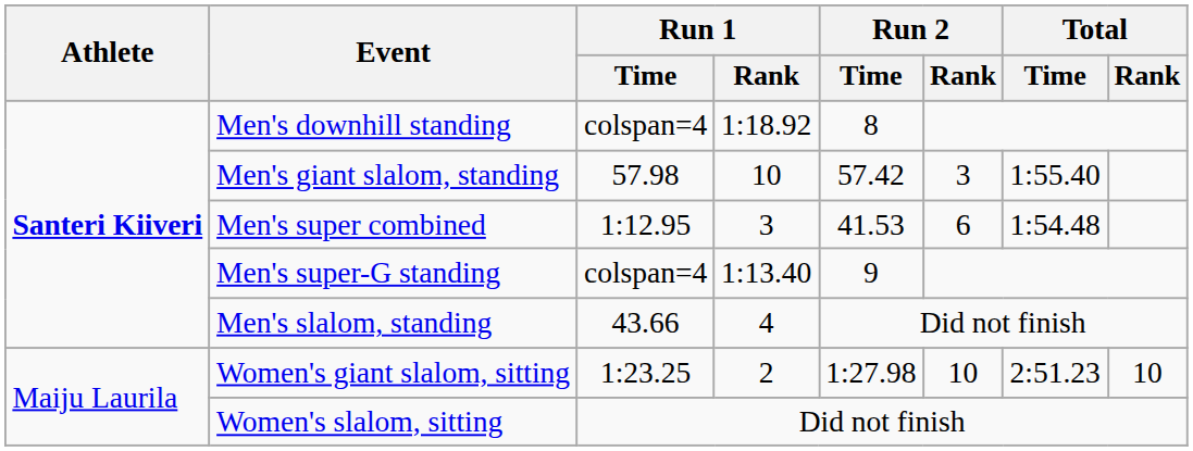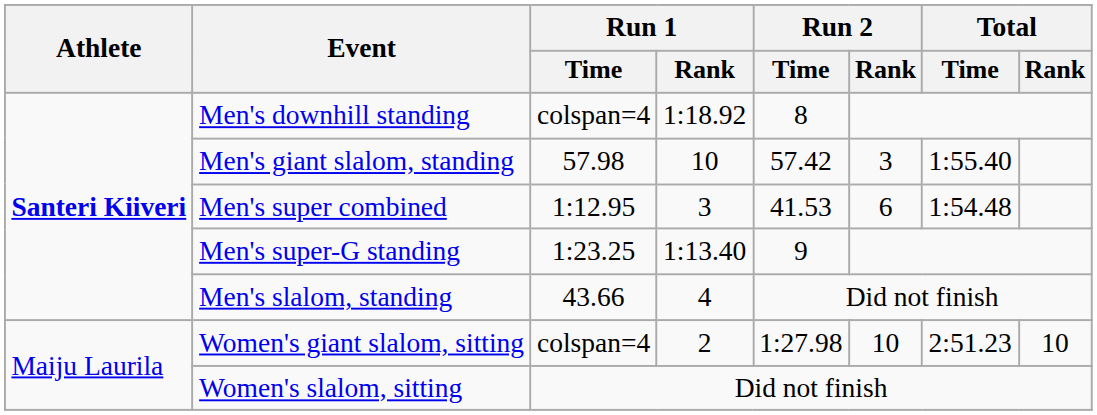 <table class=wikitable style=font-size:90%;text-align:center>
 <tr>
 <th rowspan=2>Athlete</th>
 <th rowspan=2>Event</th>
 <th colspan=2>Run 1</th>
 <th colspan=2>Run 2</th>
 <th colspan=2>Total</th>
 </tr>
 <tr style="font-size: 95%">
 <th>Time</th>
 <th>Rank</th>
 <th>Time</th>
 <th>Rank</th>
 <th>Time</th>
 <th>Rank</th>
 </tr>
 <tr>
 <td rowspan=5 align=left><strong><a href='#'>Santeri Kiiveri</a></strong></td>
 <td align=left><a href='#'>Men's downhill standing</a></td>
 <td>colspan=4 </td>
 <td>1:18.92</td>
 <td>8</td>
 </tr>
 <tr align=center>
 <td align=left><a href='#'>Men's giant slalom, standing</a></td>
 <td>57.98</td>
 <td>10</td>
 <td>57.42</td>
 <td>3</td>
 <td>1:55.40</td>
 <td></td>
 </tr>
 <tr>
 <td align=left><a href='#'>Men's super combined</a></td>
 <td>1:12.95</td>
 <td>3</td>
 <td>41.53</td>
 <td>6</td>
 <td>1:54.48</td>
 <td></td>
 </tr>
 <tr align=center>
 <td align=left><a href='#'>Men's super-G standing</a></td>
-<td>colspan=4 </td>
+<td>1:23.25</td>
 <td>1:13.40</td>
 <td>9</td>
 </tr>
 <tr>
 <td align=left><a href='#'>Men's slalom, standing</a></td>
 <td>43.66</td>
 <td>4</td>
 <td colspan=4>Did not finish</td>
 </tr>
 <tr>
 <td rowspan=2 align=left><a href='#'>Maiju Laurila</a></td>
 <td align=left><a href='#'>Women's giant slalom, sitting</a></td>
-<td>1:23.25</td>
+<td>colspan=4 </td>
 <td>2</td>
 <td>1:27.98</td>
 <td>10</td>
 <td>2:51.23</td>
 <td>10</td>
 </tr>
 <tr>
 <td align=left><a href='#'>Women's slalom, sitting</a></td>
 <td colspan=6>Did not finish</td>
 </tr>
 </table>
